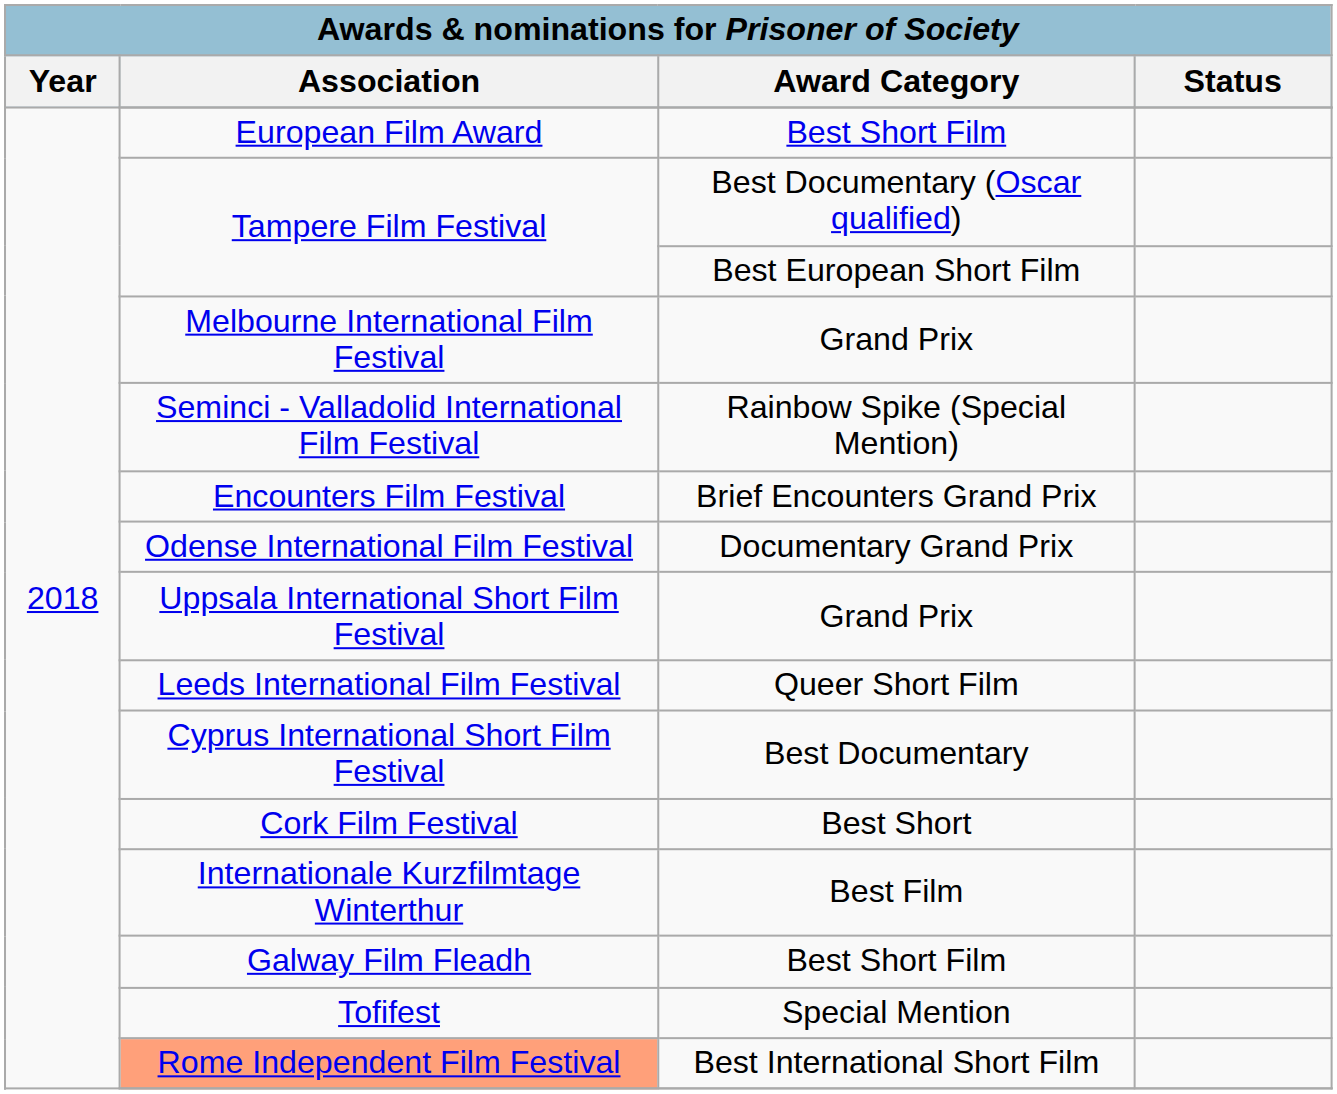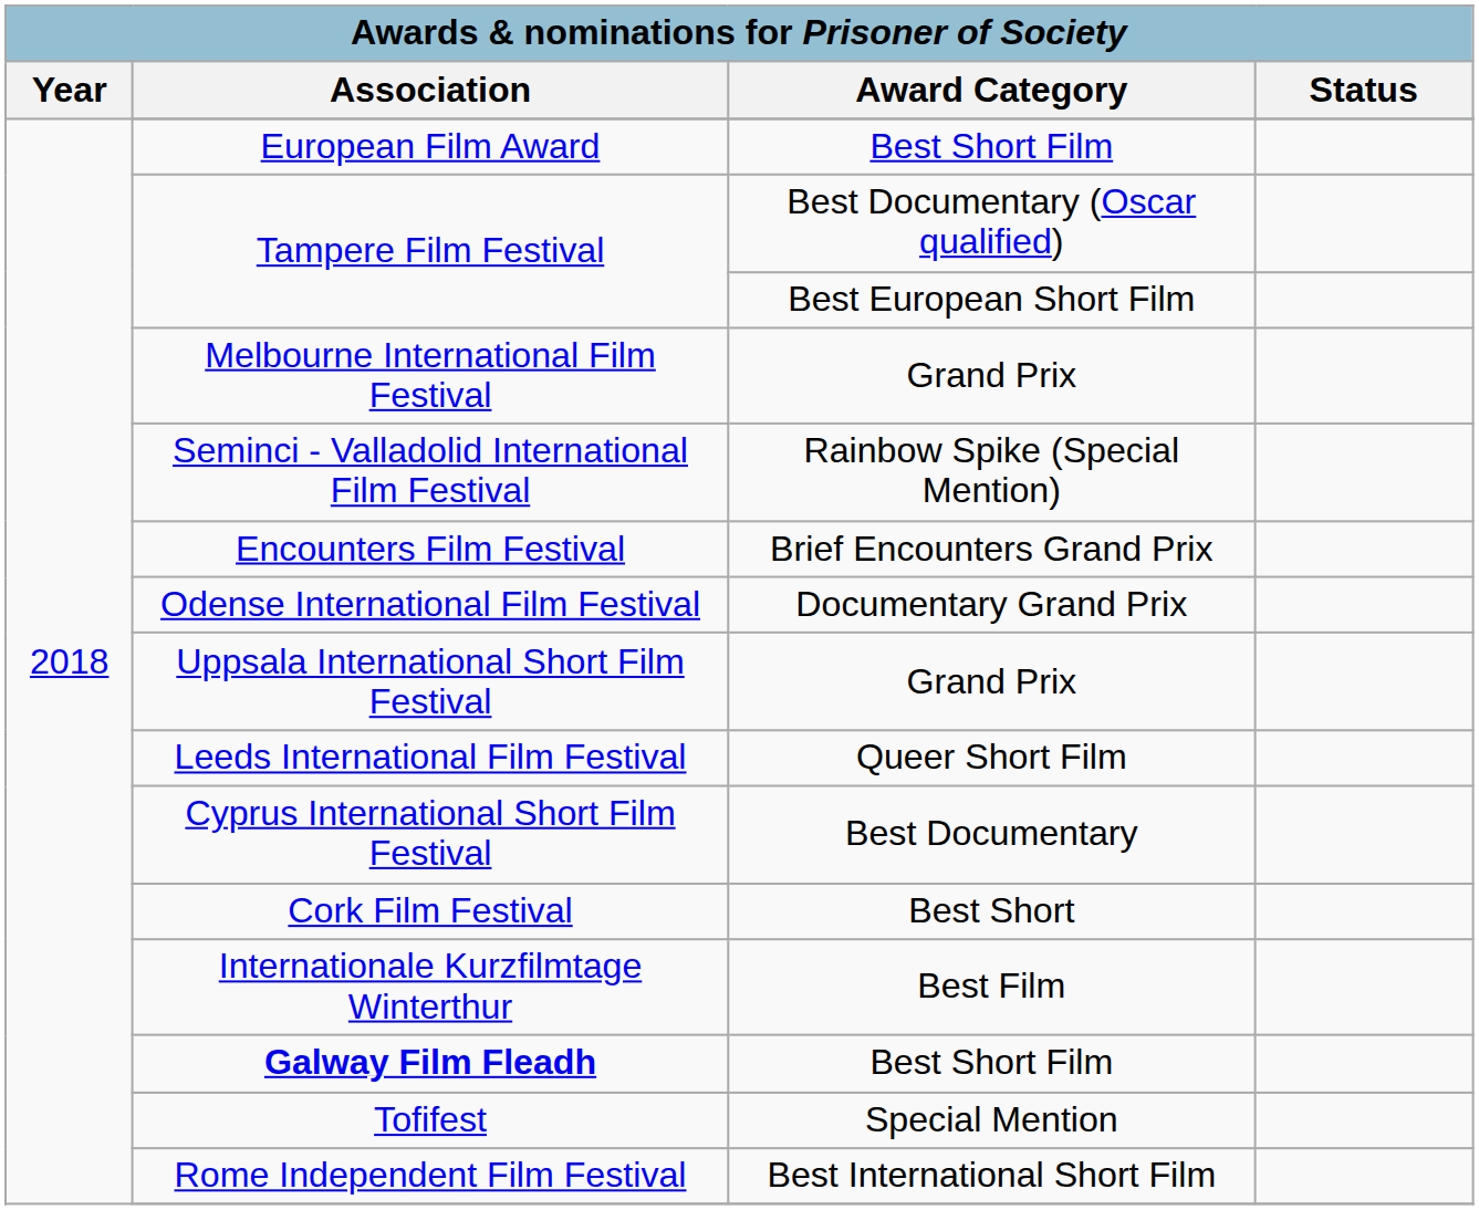 <table class="wikitable" style="text-align: center">
 <tr ---- bgcolor="#94bfd3">
 <td colspan=4 align=center><strong>Awards & nominations for <em>Prisoner of Society<strong><em></td>
 </tr>
 <tr ---- bgcolor="#94bfd3">
 <th width="50"></strong>Year<strong></th>
 <th width="260"></strong>Association<strong></th>
 <th width="230"></strong>Award Category<strong></th>
 <th width="90"></strong>Status<strong></th>
 </tr>
 <tr>
 <td rowspan=20><a href='#'>2018</a></td>
 </tr>
 <tr>
 <td><a href='#'>European Film Award</a></td>
 <td><a href='#'>Best Short Film</a></td>
 <td></td>
 </tr>
 <tr>
 <td rowspan="2"><a href='#'>Tampere Film Festival</a></td>
 <td>Best Documentary (<a href='#'>Oscar qualified</a>)</td>
 <td></td>
 </tr>
 <tr>
 <td>Best European Short Film</td>
 <td></td>
 </tr>
 <tr>
 <td><a href='#'>Melbourne International Film Festival</a></td>
 <td>Grand Prix</td>
 <td></td>
 </tr>
 <tr>
 <td><a href='#'>Seminci - Valladolid International Film Festival</a></td>
 <td>Rainbow Spike (Special Mention)</td>
 <td></td>
 </tr>
 <tr>
 <td><a href='#'>Encounters Film Festival</a></td>
 <td>Brief Encounters Grand Prix</td>
 <td></td>
 </tr>
 <tr>
 <td><a href='#'>Odense International Film Festival</a></td>
 <td>Documentary Grand Prix</td>
 <td></td>
 </tr>
 <tr>
 <td><a href='#'>Uppsala International Short Film Festival</a></td>
 <td>Grand Prix</td>
 <td></td>
 </tr>
 <tr>
 <td><a href='#'>Leeds International Film Festival</a></td>
 <td>Queer Short Film</td>
 <td></td>
 </tr>
 <tr>
 <td><a href='#'>Cyprus International Short Film Festival</a></td>
 <td>Best Documentary</td>
 <td></td>
 </tr>
 <tr>
 <td><a href='#'>Cork Film Festival</a></td>
 <td>Best Short</td>
 <td></td>
 </tr>
 <tr>
 <td><a href='#'>Internationale Kurzfilmtage Winterthur</a></td>
 <td>Best Film</td>
 <td></td>
 </tr>
 <tr>
-<td><a href='#'>Galway Film Fleadh</a></td>
+<td><strong><a href='#'>Galway Film Fleadh</a></strong></td>
 <td>Best Short Film</td>
 <td></td>
 </tr>
 <tr>
 <td><a href='#'>Tofifest</a></td>
 <td>Special Mention</td>
 <td></td>
 </tr>
 <tr>
-<td style="background: lightsalmon;"><a href='#'>Rome Independent Film Festival</a></td>
+<td><a href='#'>Rome Independent Film Festival</a></td>
 <td>Best International Short Film</td>
 <td></td>
 </tr>
 <tr>
 </tr>
 </table>
